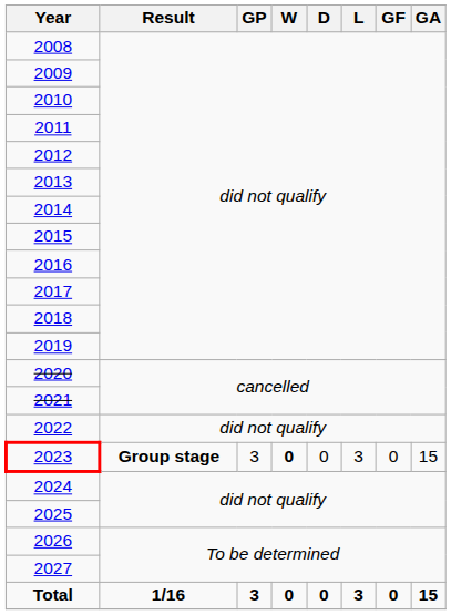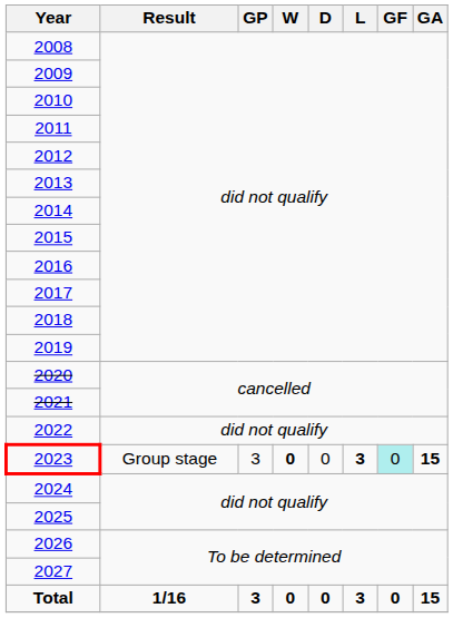 <table class="wikitable" style="text-align: center;">
 <tr>
 <th width=80>Year</th>
 <th width=120>Result</th>
 <th width=25>GP</th>
 <th width=25>W</th>
 <th width=25>D</th>
 <th width=25>L</th>
 <th width=25>GF</th>
 <th width=25>GA</th>
 </tr>
 <tr>
 <td> <a href='#'>2008</a></td>
 <td colspan=8 rowspan=12><em>did not qualify</em></td>
 </tr>
 <tr>
 <td> <a href='#'>2009</a></td>
 </tr>
 <tr>
 <td> <a href='#'>2010</a></td>
 </tr>
 <tr>
 <td> <a href='#'>2011</a></td>
 </tr>
 <tr>
 <td> <a href='#'>2012</a></td>
 </tr>
 <tr>
 <td> <a href='#'>2013</a></td>
 </tr>
 <tr>
 <td> <a href='#'>2014</a></td>
 </tr>
 <tr>
 <td> <a href='#'>2015</a></td>
 </tr>
 <tr>
 <td> <a href='#'>2016</a></td>
 </tr>
 <tr>
 <td> <a href='#'>2017</a></td>
 </tr>
 <tr>
 <td> <a href='#'>2018</a></td>
 </tr>
 <tr>
 <td> <a href='#'>2019</a></td>
 </tr>
 <tr>
 <td> <s><a href='#'>2020</a></s></td>
 <td colspan=8 rowspan=2><em>cancelled</em></td>
 </tr>
 <tr>
 <td> <s><a href='#'>2021</a></s></td>
 </tr>
 <tr>
 <td> <a href='#'>2022</a></td>
 <td colspan=8><em>did not qualify</em></td>
 </tr>
 <tr>
 <td style="border: 3px solid red"> <a href='#'>2023</a></td>
-<td><strong>Group stage</strong></td>
+<td>Group stage</td>
 <td>3</td>
 <td><strong>0</strong></td>
 <td>0</td>
-<td>3</td>
-<td>0</td>
-<td>15</td>
+<td><strong>3</strong></td>
+<td style="background: paleturquoise;">0</td>
+<td><strong>15</strong></td>
 </tr>
 <tr>
 <td> <a href='#'>2024</a></td>
 <td colspan=8 rowspan=2><em>did not qualify</em></td>
 </tr>
 <tr>
 <td> <a href='#'>2025</a></td>
 </tr>
 <tr>
 <td> <a href='#'>2026</a></td>
 <td colspan=8 rowspan=2><em>To be determined</em></td>
 </tr>
 <tr>
 <td> <a href='#'>2027</a></td>
 </tr>
 <tr>
 <td><strong>Total</strong></td>
 <td><strong>1/16</strong></td>
 <td><strong>3</strong></td>
 <td><strong>0</strong></td>
 <td><strong>0</strong></td>
 <td><strong>3</strong></td>
 <td><strong>0</strong></td>
 <td><strong>15</strong></td>
 </tr>
 <tr>
 </tr>
 </table>
